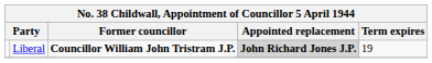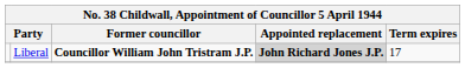 <table class="wikitable">
 <tr>
 <th colspan="5"><strong>No. 38 Childwall, Appointment of Councillor 5 April 1944</strong></th>
 </tr>
 <tr>
 <th colspan="2">Party</th>
 <th>Former councillor</th>
 <th>Appointed replacement</th>
 <th>Term expires</th>
 </tr>
 <tr>
 <td style="background-color:"></td>
 <td><a href='#'>Liberal</a></td>
 <td><strong>Councillor William John Tristram J.P.</strong></td>
 <td style="background: lightgrey;"><strong>John Richard Jones J.P.</strong></td>
-<td>19</td>
+<td>17</td>
 </tr>
 <tr>
 </tr>
 </table>
